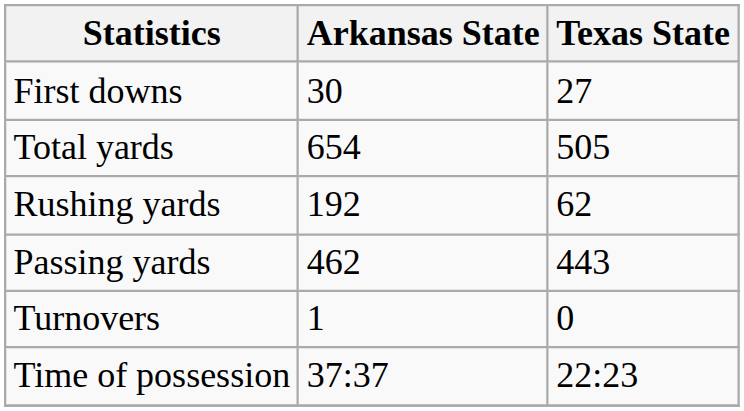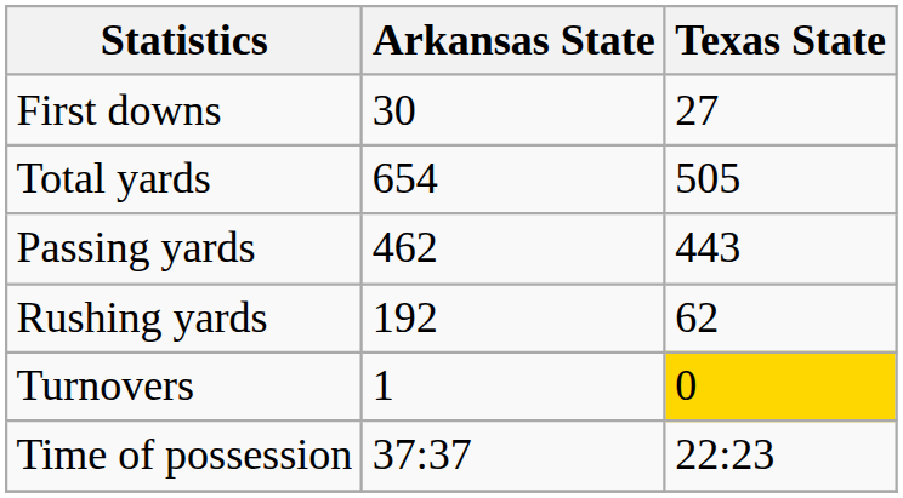 <table class="wikitable">
 <tr>
 <th>Statistics</th>
 <th>Arkansas State</th>
 <th>Texas State</th>
 </tr>
 <tr>
 <td>First downs</td>
 <td>30</td>
 <td>27</td>
 </tr>
 <tr>
 <td>Total yards</td>
 <td>654</td>
 <td>505</td>
 </tr>
 <tr>
+<td>Passing yards</td>
+<td>462</td>
+<td>443</td>
+</tr>
+<tr>
 <td>Rushing yards</td>
 <td>192</td>
 <td>62</td>
 </tr>
 <tr>
-<td>Passing yards</td>
-<td>462</td>
-<td>443</td>
-</tr>
-<tr>
 <td>Turnovers</td>
 <td>1</td>
-<td>0</td>
+<td style="background: gold;">0</td>
 </tr>
 <tr>
 <td>Time of possession</td>
 <td>37:37</td>
 <td>22:23</td>
 </tr>
 <tr>
 </tr>
 </table>
